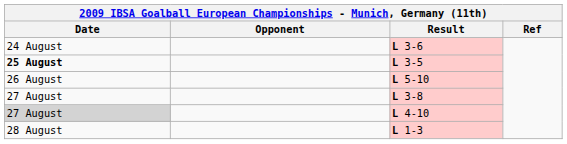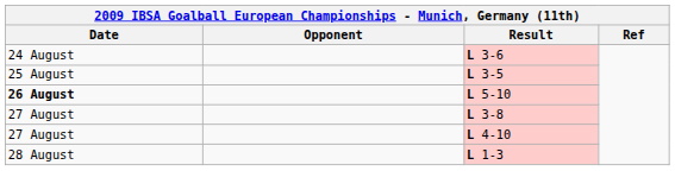 <table class="wikitable">
 <tr>
 <th width=700 colspan=4><a href='#'>2009 IBSA Goalball European Championships</a> - <a href='#'>Munich</a>, Germany (11th)</th>
 </tr>
 <tr>
 <th width=150>Date</th>
 <th width=200>Opponent</th>
 <th width=100>Result</th>
 <th width=50>Ref</th>
 </tr>
 <tr>
 <td>24 August</td>
 <td></td>
 <td bgcolor=#fcc><strong>L</strong> 3-6</td>
 <td rowspan=6></td>
 </tr>
 <tr>
-<td><strong>25 August</strong></td>
+<td>25 August</td>
 <td></td>
 <td bgcolor=#fcc><strong>L</strong> 3-5</td>
 </tr>
 <tr>
-<td>26 August</td>
+<td><strong>26 August</strong></td>
 <td></td>
 <td bgcolor=#fcc><strong>L</strong> 5-10</td>
 </tr>
 <tr>
 <td>27 August</td>
 <td></td>
 <td bgcolor=#fcc><strong>L</strong> 3-8</td>
 </tr>
 <tr>
-<td style="background: lightgrey;">27 August</td>
+<td>27 August</td>
 <td></td>
 <td bgcolor=#fcc><strong>L</strong> 4-10</td>
 </tr>
 <tr>
 <td>28 August</td>
 <td></td>
 <td bgcolor=#fcc><strong>L</strong> 1-3</td>
 </tr>
 </table>
